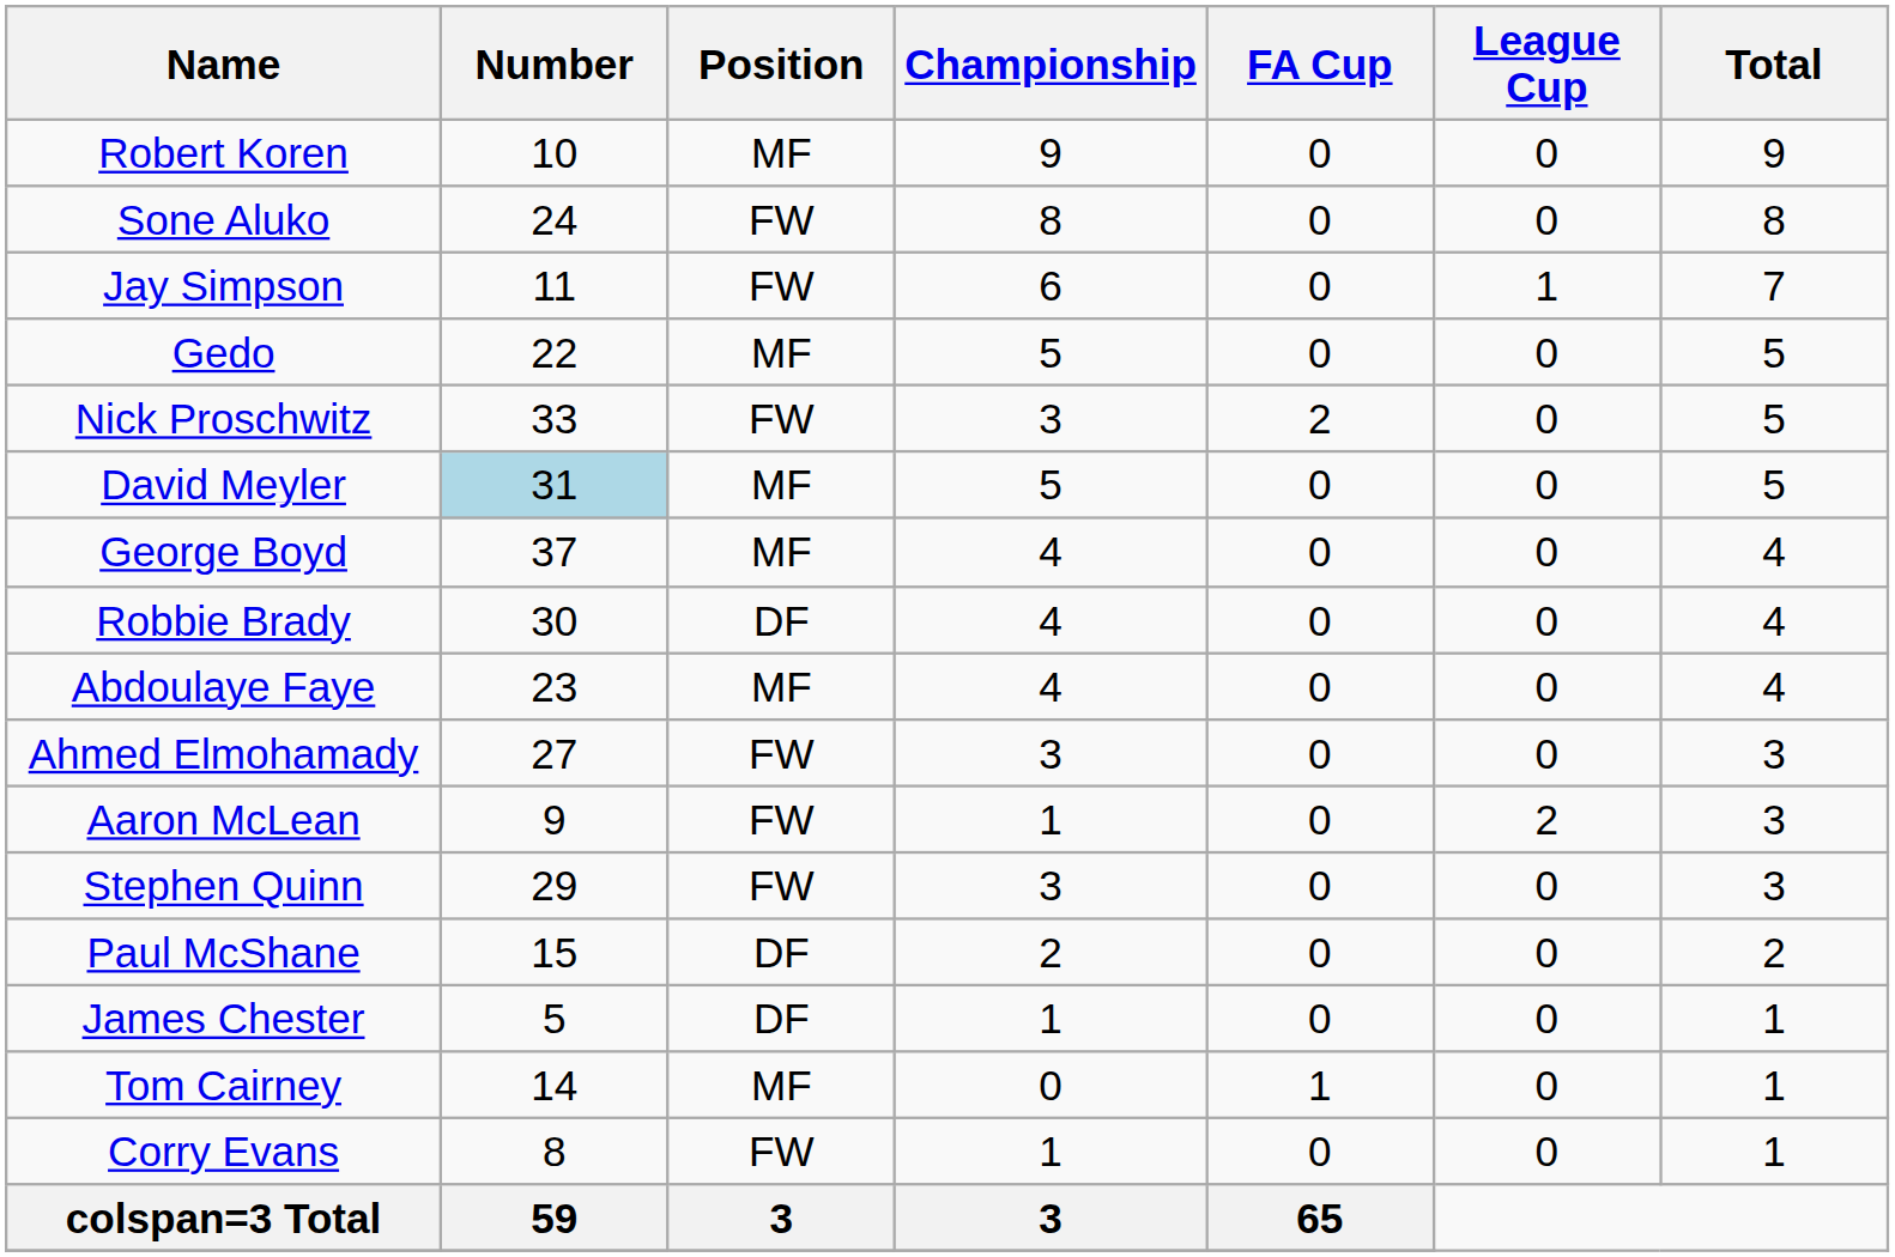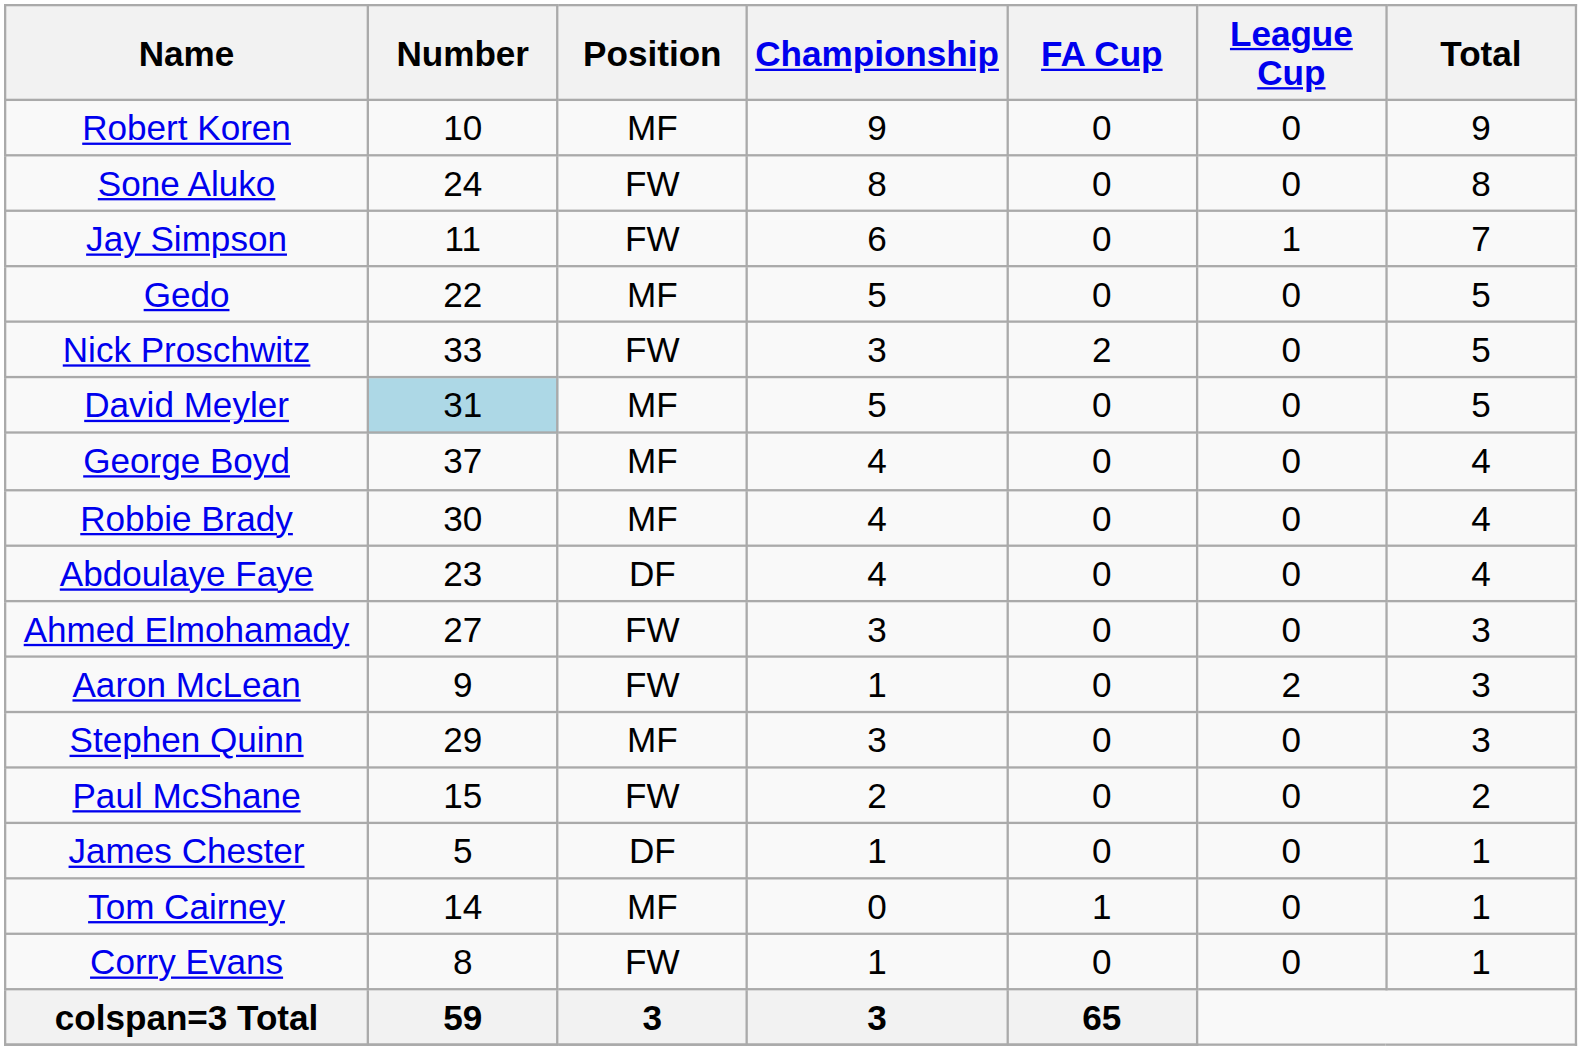 <table class="wikitable sortable" style="text-align:center; font-size:95%">
 <tr>
 <th width=150px>Name</th>
 <th width=75px>Number</th>
 <th width=75px>Position</th>
 <th width=75px><a href='#'>Championship</a></th>
 <th width=75px><a href='#'>FA Cup</a></th>
 <th width=75px><a href='#'>League<br>Cup</a></th>
 <th width=75px>Total</th>
 </tr>
 <tr>
 <td><a href='#'>Robert Koren</a></td>
 <td>10</td>
 <td>MF</td>
 <td>9</td>
 <td>0</td>
 <td>0</td>
 <td>9</td>
 </tr>
 <tr>
 <td><a href='#'>Sone Aluko</a></td>
 <td>24</td>
 <td>FW</td>
 <td>8</td>
 <td>0</td>
 <td>0</td>
 <td>8</td>
 </tr>
 <tr>
 <td><a href='#'>Jay Simpson</a></td>
 <td>11</td>
 <td>FW</td>
 <td>6</td>
 <td>0</td>
 <td>1</td>
 <td>7</td>
 </tr>
 <tr>
 <td><a href='#'>Gedo</a></td>
 <td>22</td>
 <td>MF</td>
 <td>5</td>
 <td>0</td>
 <td>0</td>
 <td>5</td>
 </tr>
 <tr>
 <td><a href='#'>Nick Proschwitz</a></td>
 <td>33</td>
 <td>FW</td>
 <td>3</td>
 <td>2</td>
 <td>0</td>
 <td>5</td>
 </tr>
 <tr>
 <td><a href='#'>David Meyler</a></td>
 <td style="background: lightblue;">31</td>
 <td>MF</td>
 <td>5</td>
 <td>0</td>
 <td>0</td>
 <td>5</td>
 </tr>
 <tr>
 <td><a href='#'>George Boyd</a></td>
 <td>37</td>
 <td>MF</td>
 <td>4</td>
 <td>0</td>
 <td>0</td>
 <td>4</td>
 </tr>
 <tr>
 <td><a href='#'>Robbie Brady</a></td>
 <td>30</td>
-<td>DF</td>
+<td>MF</td>
 <td>4</td>
 <td>0</td>
 <td>0</td>
 <td>4</td>
 </tr>
 <tr>
 <td><a href='#'>Abdoulaye Faye</a></td>
 <td>23</td>
-<td>MF</td>
+<td>DF</td>
 <td>4</td>
 <td>0</td>
 <td>0</td>
 <td>4</td>
 </tr>
 <tr>
 <td><a href='#'>Ahmed Elmohamady</a></td>
 <td>27</td>
 <td>FW</td>
 <td>3</td>
 <td>0</td>
 <td>0</td>
 <td>3</td>
 </tr>
 <tr>
 <td><a href='#'>Aaron McLean</a></td>
 <td>9</td>
 <td>FW</td>
 <td>1</td>
 <td>0</td>
 <td>2</td>
 <td>3</td>
 </tr>
 <tr>
 <td><a href='#'>Stephen Quinn</a></td>
 <td>29</td>
-<td>FW</td>
+<td>MF</td>
 <td>3</td>
 <td>0</td>
 <td>0</td>
 <td>3</td>
 </tr>
 <tr>
 <td><a href='#'>Paul McShane</a></td>
 <td>15</td>
-<td>DF</td>
+<td>FW</td>
 <td>2</td>
 <td>0</td>
 <td>0</td>
 <td>2</td>
 </tr>
 <tr>
 <td><a href='#'>James Chester</a></td>
 <td>5</td>
 <td>DF</td>
 <td>1</td>
 <td>0</td>
 <td>0</td>
 <td>1</td>
 </tr>
 <tr>
 <td><a href='#'>Tom Cairney</a></td>
 <td>14</td>
 <td>MF</td>
 <td>0</td>
 <td>1</td>
 <td>0</td>
 <td>1</td>
 </tr>
 <tr>
 <td><a href='#'>Corry Evans</a></td>
 <td>8</td>
 <td>FW</td>
 <td>1</td>
 <td>0</td>
 <td>0</td>
 <td>1</td>
 </tr>
 <tr class="unsortable">
 <th>colspan=3 Total</th>
 <th>59</th>
 <th>3</th>
 <th>3</th>
 <th>65</th>
 </tr>
 <tr>
 </tr>
 </table>
